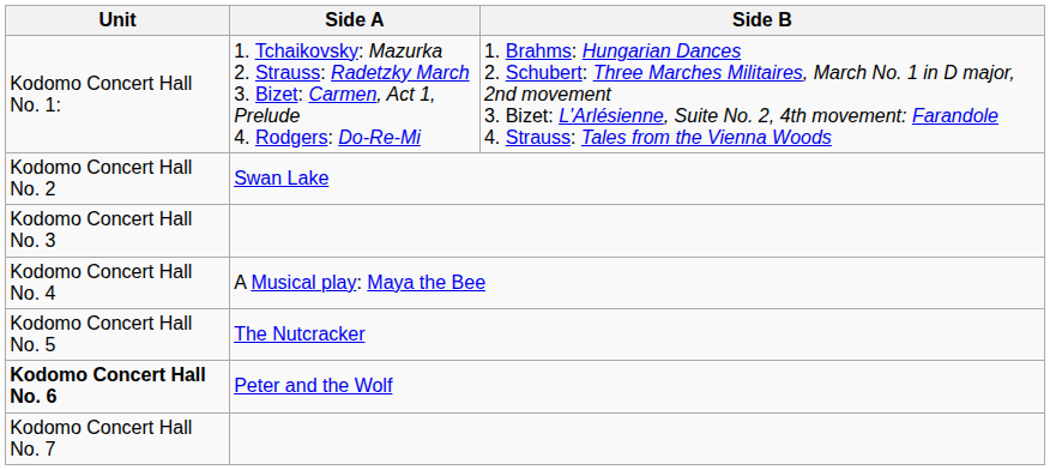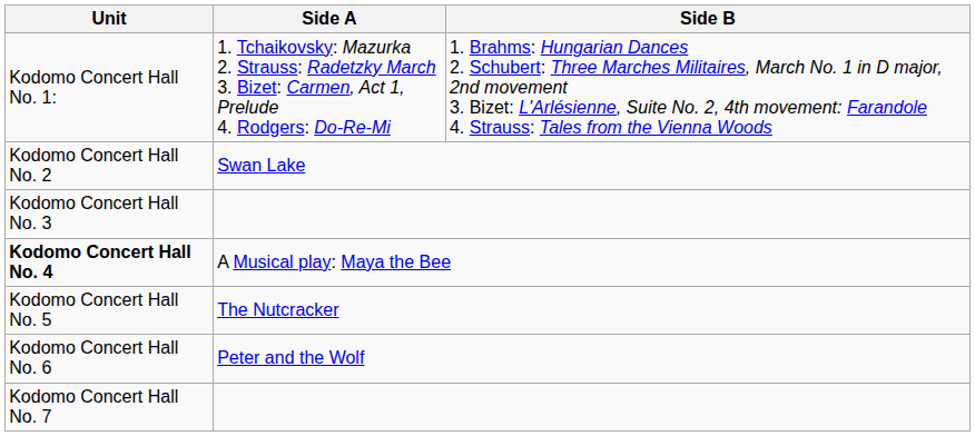 <table class="wikitable">
 <tr>
 <th>Unit</th>
 <th>Side A</th>
 <th>Side B</th>
 </tr>
 <tr>
 <td>Kodomo Concert Hall No. 1:<br></td>
 <td>1. <a href='#'>Tchaikovsky</a>: <em>Mazurka</em><br>2. <a href='#'>Strauss</a>: <em><a href='#'>Radetzky March</a></em><br>3. <a href='#'>Bizet</a>: <em><a href='#'>Carmen</a>, Act 1, Prelude</em><br>4. <a href='#'>Rodgers</a>: <em><a href='#'>Do-Re-Mi</a></em></td>
 <td>1. <a href='#'>Brahms</a>: <em><a href='#'>Hungarian Dances</a></em><br>2. <a href='#'>Schubert</a>: <em><a href='#'>Three Marches Militaires</a>, March No. 1 in D major, 2nd movement</em><br>3. Bizet: <em><a href='#'>L'Arlésienne</a>, Suite No. 2, 4th movement: <a href='#'>Farandole</a></em><br>4. <a href='#'>Strauss</a>: <em><a href='#'>Tales from the Vienna Woods</a></em></td>
 </tr>
 <tr>
 <td>Kodomo Concert Hall No. 2</td>
 <td colspan=2><a href='#'>Swan Lake</a></td>
 </tr>
 <tr>
 <td>Kodomo Concert Hall No. 3</td>
 <td colspan=2></td>
 </tr>
 <tr>
-<td>Kodomo Concert Hall No. 4</td>
+<td><strong>Kodomo Concert Hall No. 4</strong></td>
 <td colspan=2>A <a href='#'>Musical play</a>: <a href='#'>Maya the Bee</a></td>
 </tr>
 <tr>
 <td>Kodomo Concert Hall No. 5</td>
 <td colspan=2><a href='#'>The Nutcracker</a></td>
 </tr>
 <tr>
-<td><strong>Kodomo Concert Hall No. 6</strong></td>
+<td>Kodomo Concert Hall No. 6</td>
 <td colspan=2><a href='#'>Peter and the Wolf</a></td>
 </tr>
 <tr>
 <td>Kodomo Concert Hall No. 7</td>
 <td colspan=2></td>
 </tr>
 </table>
